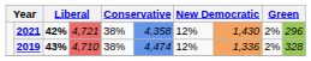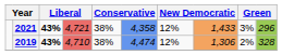 <table class="wikitable" style="width:400; font-size:90%; margin-left:1em;">
 <tr>
 <th colspan="2" scope="col">Year</th>
 <th colspan="2" scope="col"><a href='#'>Liberal</a></th>
 <th colspan="2" scope="col"><a href='#'>Conservative</a></th>
 <th colspan="2" scope="col"><a href='#'>New Democratic</a></th>
 <th colspan="2" scope="col"><a href='#'>Green</a></th>
 </tr>
 <tr>
 <td rowspan="2" style="width: 0.25em; background-color: "></td>
 <th><a href='#'>2021</a></th>
-<td><strong>42%</strong></td>
+<td><strong>43%</strong></td>
 <td style="text-align:right; background:#EA6D6A;"><em>4,721</em></td>
 <td>38%</td>
 <td style="text-align:right; background:#6495ED;"><em>4,358</em></td>
 <td>12%</td>
-<td style="text-align:right; background:#F4A460;"><em>1,430</em></td>
-<td>2%</td>
+<td style="text-align:right; background:#F4A460;"><em>1,433</em></td>
+<td>3%</td>
 <td style="text-align:right; background:#99C955;"><em>296</em></td>
 </tr>
 <tr>
 <th><a href='#'>2019</a></th>
 <td><strong>43%</strong></td>
 <td style="text-align:right; background:#EA6D6A;"><em>4,710</em></td>
 <td>38%</td>
 <td style="text-align:right; background:#6495ED;"><em>4,474</em></td>
 <td>12%</td>
-<td style="text-align:right; background:#F4A460;"><em>1,336</em></td>
+<td style="text-align:right; background:#F4A460;"><em>1,306</em></td>
 <td>2%</td>
 <td style="text-align:right; background:#99C955;"><em>328</em></td>
 </tr>
 <tr>
 </tr>
 </table>
